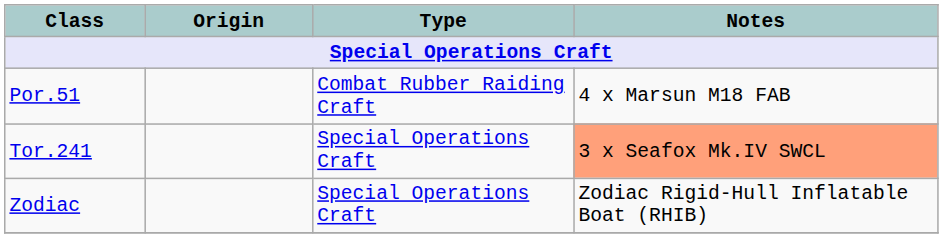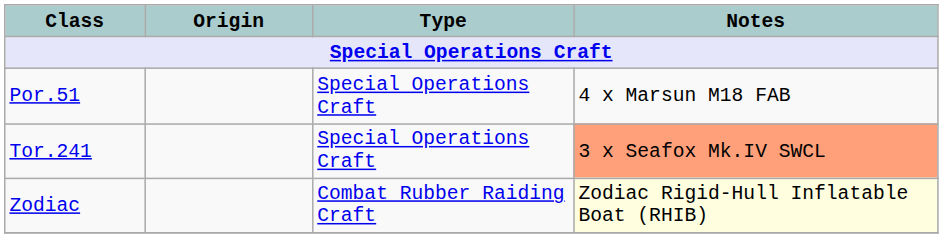 <table class="wikitable";" width="70%">
 <tr>
 <th style="text-align:center; background:#acc;"width="15%">Class</th>
 <th style="text-align: center; background:#acc;"width="18%">Origin</th>
 <th style="text-align:l center; background:#acc;"width="28%">Type</th>
 <th style="text-align: center; background:#acc;">Notes</th>
 </tr>
 <tr>
 <th style="align: center; background: lavender;" colspan="7"><a href='#'>Special Operations Craft</a></th>
 </tr>
 <tr>
 <td><a href='#'>Por.51</a></td>
 <td></td>
-<td><a href='#'>Combat Rubber Raiding Craft</a></td>
+<td><a href='#'>Special Operations Craft</a></td>
 <td>4 x Marsun M18 FAB </td>
 </tr>
 <tr>
 <td><a href='#'>Tor.241</a></td>
 <td></td>
 <td><a href='#'>Special Operations Craft</a></td>
 <td style="background: lightsalmon;">3 x Seafox Mk.IV SWCL </td>
 </tr>
 <tr>
 <td><a href='#'>Zodiac</a></td>
 <td></td>
-<td><a href='#'>Special Operations Craft</a></td>
-<td>Zodiac Rigid-Hull Inflatable Boat (RHIB)</td>
+<td><a href='#'>Combat Rubber Raiding Craft</a></td>
+<td style="background: lightyellow;">Zodiac Rigid-Hull Inflatable Boat (RHIB)</td>
 </tr>
 <tr>
 </tr>
 </table>
